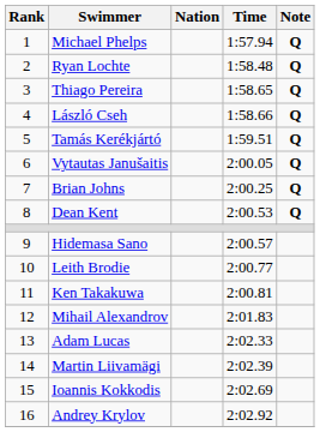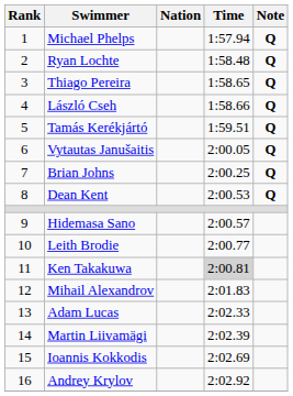 <table class="wikitable" style="text-align:center">
 <tr>
 <th>Rank</th>
 <th>Swimmer</th>
 <th>Nation</th>
 <th>Time</th>
 <th>Note</th>
 </tr>
 <tr>
 <td>1</td>
 <td align=left><a href='#'>Michael Phelps</a></td>
 <td align=left></td>
 <td>1:57.94</td>
 <td><strong>Q</strong></td>
 </tr>
 <tr>
 <td>2</td>
 <td align=left><a href='#'>Ryan Lochte</a></td>
 <td align=left></td>
 <td>1:58.48</td>
 <td><strong>Q</strong></td>
 </tr>
 <tr>
 <td>3</td>
 <td align=left><a href='#'>Thiago Pereira</a></td>
 <td align=left></td>
 <td>1:58.65</td>
 <td><strong>Q</strong></td>
 </tr>
 <tr>
 <td>4</td>
 <td align=left><a href='#'>László Cseh</a></td>
 <td align=left></td>
 <td>1:58.66</td>
 <td><strong>Q</strong></td>
 </tr>
 <tr>
 <td>5</td>
 <td align=left><a href='#'>Tamás Kerékjártó</a></td>
 <td align=left></td>
 <td>1:59.51</td>
 <td><strong>Q</strong></td>
 </tr>
 <tr>
 <td>6</td>
 <td align=left><a href='#'>Vytautas Janušaitis</a></td>
 <td align=left></td>
 <td>2:00.05</td>
 <td><strong>Q</strong></td>
 </tr>
 <tr>
 <td>7</td>
 <td align=left><a href='#'>Brian Johns</a></td>
 <td align=left></td>
 <td>2:00.25</td>
 <td><strong>Q</strong></td>
 </tr>
 <tr>
 <td>8</td>
 <td align=left><a href='#'>Dean Kent</a></td>
 <td align=left></td>
 <td>2:00.53</td>
 <td><strong>Q</strong></td>
 </tr>
 <tr bgcolor=#DDDDDD>
 <td colspan=5></td>
 </tr>
 <tr>
 <td>9</td>
 <td align=left><a href='#'>Hidemasa Sano</a></td>
 <td align=left></td>
 <td>2:00.57</td>
 <td></td>
 </tr>
 <tr>
 <td>10</td>
 <td align=left><a href='#'>Leith Brodie</a></td>
 <td align=left></td>
 <td>2:00.77</td>
 <td></td>
 </tr>
 <tr>
 <td>11</td>
 <td align=left><a href='#'>Ken Takakuwa</a></td>
 <td align=left></td>
-<td>2:00.81</td>
+<td style="background: lightgrey;">2:00.81</td>
 <td></td>
 </tr>
 <tr>
 <td>12</td>
 <td align=left><a href='#'>Mihail Alexandrov</a></td>
 <td align=left></td>
 <td>2:01.83</td>
 <td></td>
 </tr>
 <tr>
 <td>13</td>
 <td align=left><a href='#'>Adam Lucas</a></td>
 <td align=left></td>
 <td>2:02.33</td>
 <td></td>
 </tr>
 <tr>
 <td>14</td>
 <td align=left><a href='#'>Martin Liivamägi</a></td>
 <td align=left></td>
 <td>2:02.39</td>
 <td></td>
 </tr>
 <tr>
 <td>15</td>
 <td align=left><a href='#'>Ioannis Kokkodis</a></td>
 <td align=left></td>
 <td>2:02.69</td>
 <td></td>
 </tr>
 <tr>
 <td>16</td>
 <td align=left><a href='#'>Andrey Krylov</a></td>
 <td align=left></td>
 <td>2:02.92</td>
 <td></td>
 </tr>
 <tr>
 </tr>
 </table>
